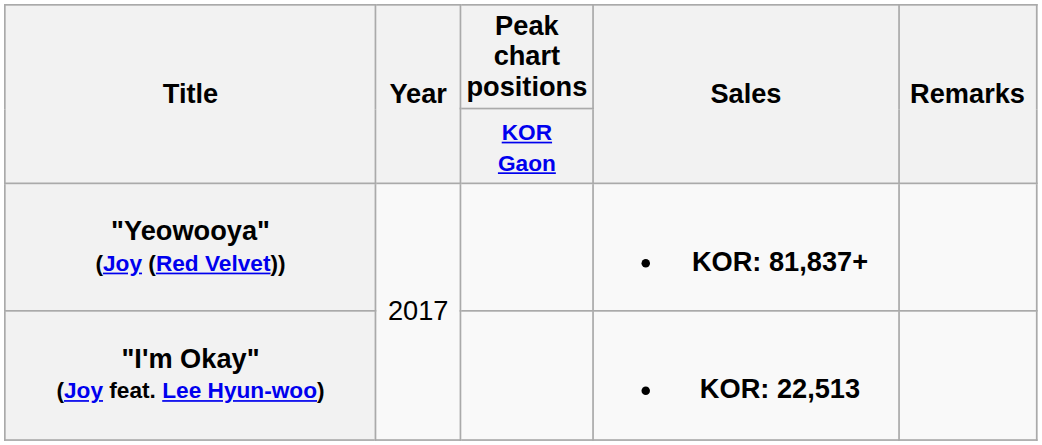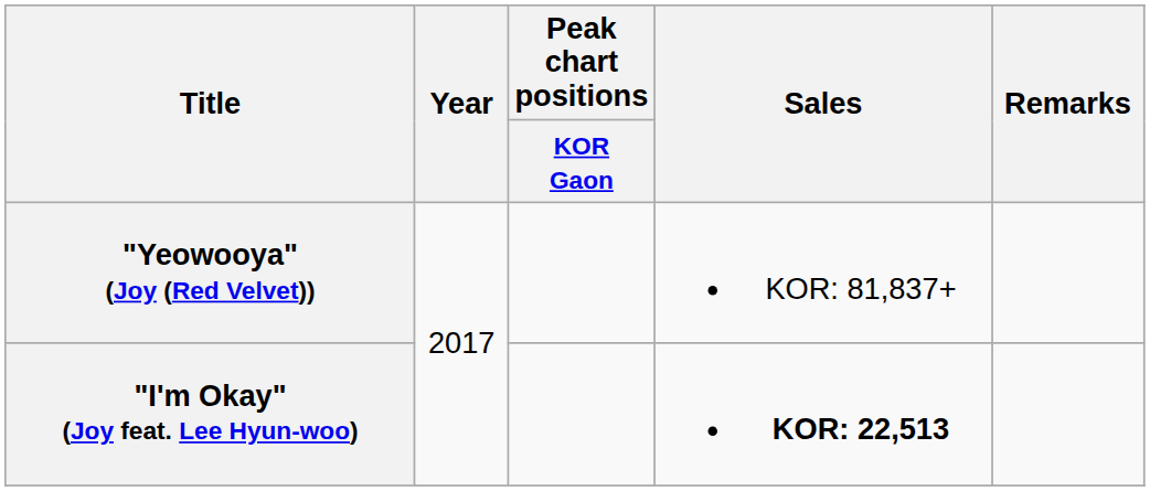 <table class="wikitable plainrowheaders" style="text-align:center;" border="1">
 <tr>
 <th scope="col" rowspan="2" style="width:20em;">Title</th>
 <th scope="col" rowspan="2" style="width:3em;">Year</th>
 <th scope="col" colspan="1">Peak chart positions</th>
 <th scope="col" rowspan="2" style="width:15em;">Sales</th>
 <th scope="col" rowspan="2" style="width:5em;">Remarks</th>
 </tr>
 <tr>
 <th><small><a href='#'>KOR</a></small><br><small><a href='#'>Gaon</a></small></th>
 </tr>
 <tr>
 <th scope="row">"Yeowooya"<br><small>(<a href='#'>Joy</a> (<a href='#'>Red Velvet</a>))</small></th>
 <td rowspan ="2">2017</td>
 <td></td>
-<td><strong><br><ul><li>KOR: 81,837+</li></ul></strong></td>
+<td><br><ul><li>KOR: 81,837+</li></ul></td>
 <td></td>
 </tr>
 <tr>
 <th scope="row">"I'm Okay"<br><small>(<a href='#'>Joy</a> feat. <a href='#'>Lee Hyun-woo</a>)</small></th>
 <td></td>
 <td><strong><br><ul><li>KOR: 22,513</li></ul></strong></td>
 <td></td>
 </tr>
 </table>
